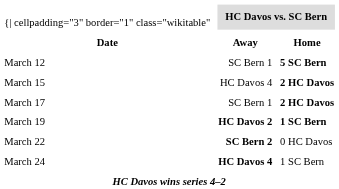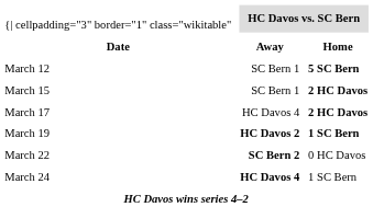 <table cellspacing="10">
 <tr>
 <td valign="top"><br>	{| cellpadding="3" border="1"  class="wikitable"</td>
 <th bgcolor="#DDDDDD" colspan="4">HC Davos vs. SC Bern</th>
 </tr>
 <tr>
 <th>Date</th>
 <th>Away</th>
 <th>Home</th>
 </tr>
 <tr>
 <td>March 12</td>
 <td align = "right">SC Bern 1</td>
 <td><strong>5 SC Bern</strong></td>
 </tr>
 <tr>
 <td>March 15</td>
-<td align = "right">HC Davos 4</td>
+<td align = "right">SC Bern 1</td>
 <td><strong>2 HC Davos</strong></td>
 </tr>
 <tr>
 <td>March 17</td>
-<td align = "right">SC Bern 1</td>
+<td align = "right">HC Davos 4</td>
 <td><strong>2 HC Davos</strong></td>
 </tr>
 <tr>
 <td>March 19</td>
 <td align = "right"><strong>HC Davos 2</strong></td>
 <td><strong>1 SC Bern</strong></td>
 </tr>
 <tr>
 <td>March 22</td>
 <td align = "right"><strong>SC Bern 2</strong></td>
 <td>0 HC Davos</td>
 </tr>
 <tr>
 <td>March 24</td>
 <td align = "right"><strong>HC Davos 4</strong></td>
 <td>1 SC Bern</td>
 </tr>
 <tr align="center">
 <td colspan="4"><strong><em>HC Davos wins series 4–2</em></strong></td>
 </tr>
 </table>
